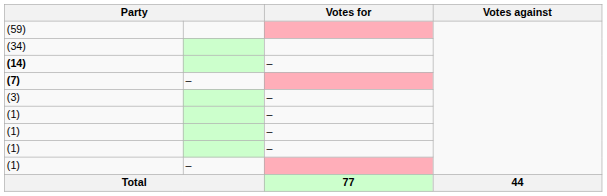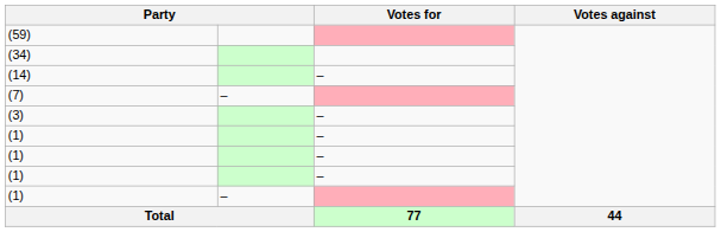 <table class="wikitable" style="width:45%">
 <tr>
 <th style="width:20%;" colspan="2">Party</th>
 <th style="width:13%;">Votes for</th>
 <th style="width:13%;">Votes against</th>
 </tr>
 <tr>
 <td> (59)</td>
 <td></td>
 <td style="background-color:#FFAEB9;"></td>
 </tr>
 <tr>
 <td> (34)</td>
 <td style="background-color:#CCFFCC;"></td>
 <td></td>
 </tr>
 <tr>
-<td><strong> (14)</strong></td>
+<td> (14)</td>
 <td style="background-color:#CCFFCC;"></td>
 <td>–</td>
 </tr>
 <tr>
-<td><strong> (7)</strong></td>
+<td> (7)</td>
 <td>–</td>
 <td style="background-color:#FFAEB9;"></td>
 </tr>
 <tr>
 <td> (3)</td>
 <td style="background-color:#CCFFCC;"></td>
 <td>–</td>
 </tr>
 <tr>
 <td> (1)</td>
 <td style="background-color:#CCFFCC;"></td>
 <td>–</td>
 </tr>
 <tr>
 <td> (1)</td>
 <td style="background-color:#CCFFCC;"></td>
 <td>–</td>
 </tr>
 <tr>
 <td> (1)</td>
 <td style="background-color:#CCFFCC;"></td>
 <td>–</td>
 </tr>
 <tr>
 <td> (1)</td>
 <td>–</td>
 <td style="background-color:#FFAEB9;"></td>
 </tr>
 <tr>
 <th colspan=2>Total</th>
 <th style="background-color:#CCFFCC;">77</th>
 <th>44</th>
 </tr>
 </table>
